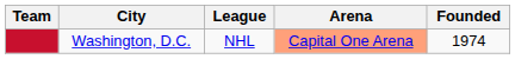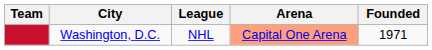 <table class="wikitable sortable" width="60%">
 <tr>
 <th>Team</th>
 <th>City</th>
 <th>League</th>
 <th>Arena</th>
 <th>Founded</th>
 </tr>
 <tr align=center>
 <td style="color:white; background:#C8102E; "><strong><a href='#'></a></strong></td>
 <td><a href='#'>Washington, D.C.</a></td>
 <td><a href='#'>NHL</a></td>
 <td style="background: lightsalmon;"><a href='#'>Capital One Arena</a></td>
-<td>1974</td>
+<td>1971</td>
 </tr>
 </table>
